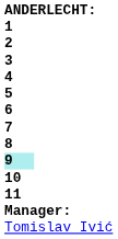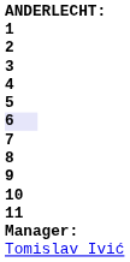 <table style="font-size: 90%" cellspacing="0" cellpadding="0">
 <tr>
 <td colspan="4"><strong>ANDERLECHT:</strong></td>
 </tr>
 <tr>
 <th width="25"></th>
 </tr>
 <tr>
 <td><strong>1</strong></td>
 <td></td>
 </tr>
 <tr>
 <td><strong>2</strong></td>
 <td></td>
 </tr>
 <tr>
 <td><strong>3</strong></td>
 <td></td>
 </tr>
 <tr>
 <td><strong>4</strong></td>
 <td></td>
 </tr>
 <tr>
 <td><strong>5</strong></td>
 <td></td>
 </tr>
 <tr>
-<td><strong>6</strong></td>
+<td style="background: lavender;"><strong>6</strong></td>
 <td></td>
 </tr>
 <tr>
 <td><strong>7</strong></td>
 <td></td>
 </tr>
 <tr>
 <td><strong>8</strong></td>
 <td></td>
 </tr>
 <tr>
-<td style="background: paleturquoise;"><strong>9</strong></td>
+<td><strong>9</strong></td>
 <td></td>
 </tr>
 <tr>
 <td><strong>10</strong></td>
 <td></td>
 </tr>
 <tr>
 <td><strong>11</strong></td>
 <td></td>
 </tr>
 <tr>
 <td colspan=4><strong>Manager:</strong></td>
 </tr>
 <tr>
 <td colspan="4"> <a href='#'>Tomislav Ivić</a></td>
 </tr>
 </table>
